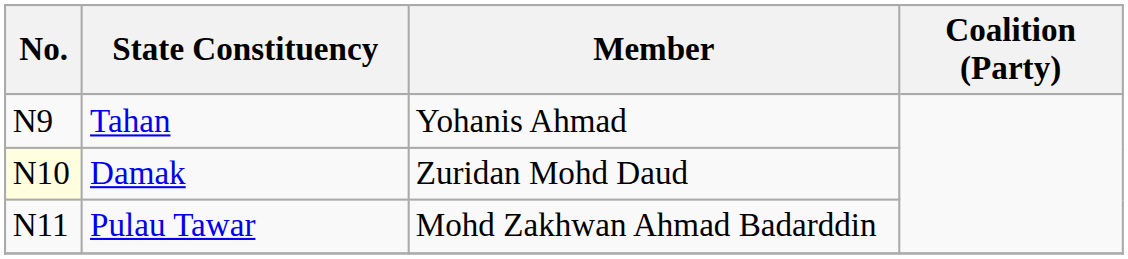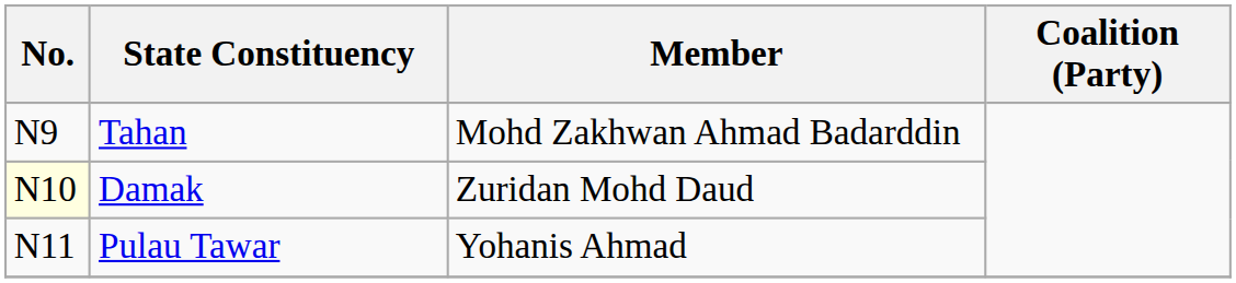 <table class="wikitable">
 <tr>
 <th width="30">No.</th>
 <th width="150">State Constituency</th>
 <th width="230">Member</th>
 <th width="100">Coalition (Party)</th>
 </tr>
 <tr>
 <td>N9</td>
 <td><a href='#'>Tahan</a></td>
-<td>Yohanis Ahmad</td>
+<td>Mohd Zakhwan Ahmad Badarddin</td>
 <td rowspan=3></td>
 </tr>
 <tr>
 <td style="background: lightyellow;">N10</td>
 <td><a href='#'>Damak</a></td>
 <td>Zuridan Mohd Daud</td>
 </tr>
 <tr>
 <td>N11</td>
 <td><a href='#'>Pulau Tawar</a></td>
-<td>Mohd Zakhwan Ahmad Badarddin</td>
+<td>Yohanis Ahmad</td>
 </tr>
 <tr>
 </tr>
 </table>
